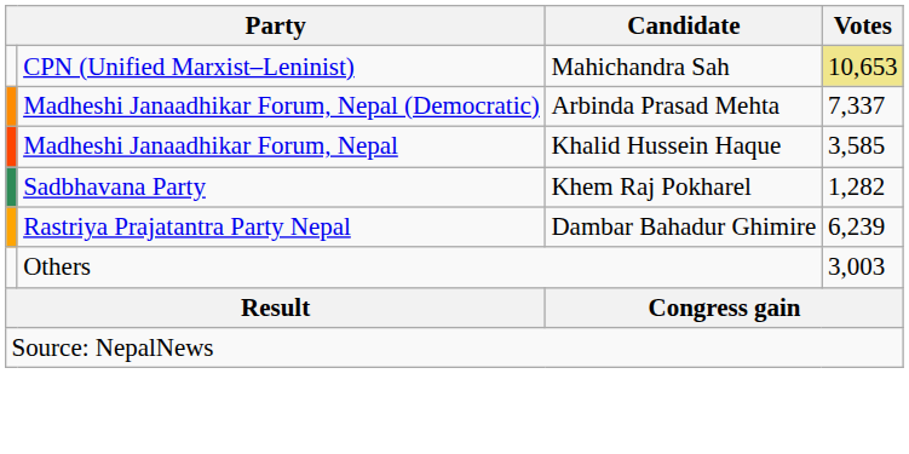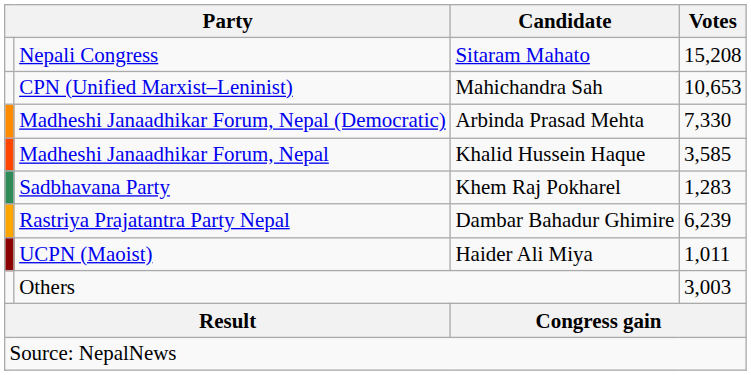 <table class="wikitable">
 <tr>
 <th colspan="2">Party</th>
 <th>Candidate</th>
 <th>Votes</th>
 </tr>
 <tr>
 <td style="background-color:"></td>
+<td><a href='#'>Nepali Congress</a></td>
+<td><a href='#'>Sitaram Mahato</a></td>
+<td>15,208</td>
+</tr>
+<tr>
+<td style="background-color:"></td>
 <td><a href='#'>CPN (Unified Marxist–Leninist)</a></td>
 <td>Mahichandra Sah</td>
-<td style="background: khaki;">10,653</td>
+<td>10,653</td>
 </tr>
 <tr>
 <td style="background-color:darkorange"></td>
 <td><a href='#'>Madheshi Janaadhikar Forum, Nepal (Democratic)</a></td>
 <td>Arbinda Prasad Mehta</td>
-<td>7,337</td>
+<td>7,330</td>
 </tr>
 <tr>
 <td style="background-color:orangered"></td>
 <td><a href='#'>Madheshi Janaadhikar Forum, Nepal</a></td>
 <td>Khalid Hussein Haque</td>
 <td>3,585</td>
 </tr>
 <tr>
 <td style="background-color:seagreen"></td>
 <td><a href='#'>Sadbhavana Party</a></td>
 <td>Khem Raj Pokharel</td>
-<td>1,282</td>
+<td>1,283</td>
 </tr>
 <tr>
 <td style="background-color:orange"></td>
 <td><a href='#'>Rastriya Prajatantra Party Nepal</a></td>
 <td>Dambar Bahadur Ghimire</td>
 <td>6,239</td>
+</tr>
+<tr>
+<td style="background-color:darkred"></td>
+<td><a href='#'>UCPN (Maoist)</a></td>
+<td>Haider Ali Miya</td>
+<td>1,011</td>
 </tr>
 <tr>
 <td></td>
 <td colspan="2">Others</td>
 <td>3,003</td>
 </tr>
 <tr>
 <th colspan="2">Result</th>
 <th colspan="2">Congress gain</th>
 </tr>
 <tr>
 <td colspan="4">Source: NepalNews</td>
 </tr>
 </table>
